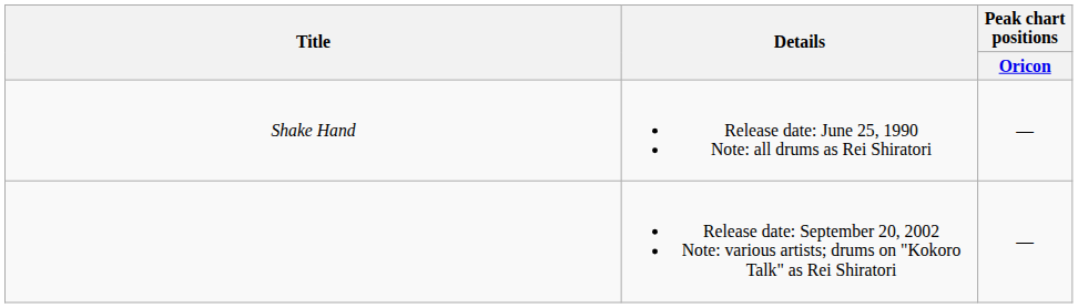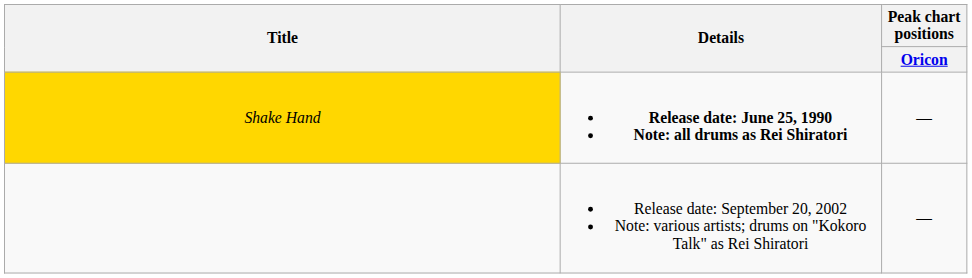 <table class="wikitable plainrowheaders" style="text-align:center;">
 <tr>
 <th rowspan="2" style="width:35em;">Title</th>
 <th rowspan="2" style="width:20em;">Details</th>
 <th style="width:5em;">Peak chart<br> positions</th>
 </tr>
 <tr>
 <th><a href='#'>Oricon</a></th>
 </tr>
 <tr>
-<td><em>Shake Hand</em></td>
-<td><br><ul><li>Release date: June 25, 1990</li><li>Note: all drums as Rei Shiratori</li></ul></td>
+<td style="background: gold;"><em>Shake Hand</em></td>
+<td><strong><br><ul><li>Release date: June 25, 1990</li><li>Note: all drums as Rei Shiratori</li></ul></strong></td>
 <td>—</td>
 </tr>
 <tr>
 <td></td>
 <td><br><ul><li>Release date: September 20, 2002</li><li>Note: various artists; drums on "Kokoro Talk" as Rei Shiratori</li></ul></td>
 <td>—</td>
 </tr>
 </table>
